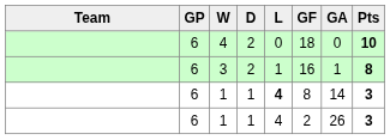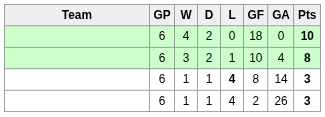 <table style=border-collapse:collapse border=1 cellspacing=0 cellpadding=5>
 <tr align=center bgcolor=#efefef>
 <th width=185>Team</th>
 <th width=20>GP</th>
 <th width=20>W</th>
 <th width=20>D</th>
 <th width=20>L</th>
 <th width=20>GF</th>
 <th width=20>GA</th>
 <th width=20>Pts</th>
 </tr>
 <tr bgcolor=#ccffcc align=center>
 <td style="text-align:left;"></td>
 <td>6</td>
 <td>4</td>
 <td>2</td>
 <td>0</td>
 <td>18</td>
 <td>0</td>
 <td><strong>10</strong></td>
 </tr>
 <tr bgcolor=#ccffcc align=center>
 <td style="text-align:left;"></td>
 <td>6</td>
 <td>3</td>
 <td>2</td>
 <td>1</td>
-<td>16</td>
-<td>1</td>
+<td>10</td>
+<td>4</td>
 <td><strong>8</strong></td>
 </tr>
 <tr align=center>
 <td style="text-align:left;"></td>
 <td>6</td>
 <td>1</td>
 <td>1</td>
 <td><strong>4</strong></td>
 <td>8</td>
 <td>14</td>
 <td><strong>3</strong></td>
 </tr>
 <tr align=center>
 <td style="text-align:left;"></td>
 <td>6</td>
 <td>1</td>
 <td>1</td>
 <td>4</td>
 <td>2</td>
 <td>26</td>
 <td><strong>3</strong></td>
 </tr>
 </table>
